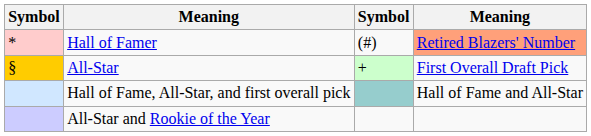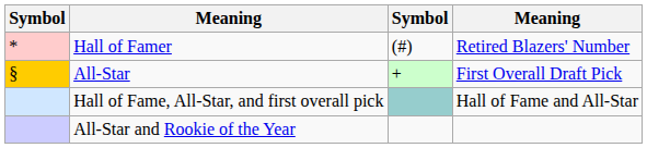 <table class="wikitable">
 <tr bgcolor="#efefef">
 <th scope=col align=center>Symbol</th>
 <th scope=col align=center>Meaning</th>
 <th scope=col align=center>Symbol</th>
 <th scope=col align=center>Meaning</th>
 </tr>
 <tr>
 <td style="background-color:#FFCCCC; border:1px solid #aaaaaa; width:2em;">*</td>
 <td><a href='#'>Hall of Famer</a></td>
 <td border:1px solid width:2em;'>(#)</td>
-<td style="background: lightsalmon;"><a href='#'>Retired Blazers' Number</a></td>
+<td><a href='#'>Retired Blazers' Number</a></td>
 </tr>
 <tr>
 <td style="background-color:#FFCC00; border:1px solid #aaaaaa; width:2em;">§</td>
 <td><a href='#'>All-Star</a></td>
 <td style="background-color:#CCFFCC; border:1px solid #aaaaaa; width:2em;">+</td>
 <td><a href='#'>First Overall Draft Pick</a></td>
 </tr>
 <tr>
 <td style="background-color:#d0e7ff; border:1px solid #aaaaaa; width:2em;"></td>
 <td>Hall of Fame, All-Star, and first overall pick</td>
 <td style="background-color:#96cdcd; border:1px solid #aaaaaa; width:2em;"></td>
 <td>Hall of Fame and All-Star</td>
 </tr>
 <tr>
 <td style="background-color:#CCCCFF; border:1px solid #aaaaaa; width:2em;"></td>
 <td>All-Star and <a href='#'>Rookie of the Year</a></td>
 <td></td>
 <td></td>
 </tr>
 </table>
